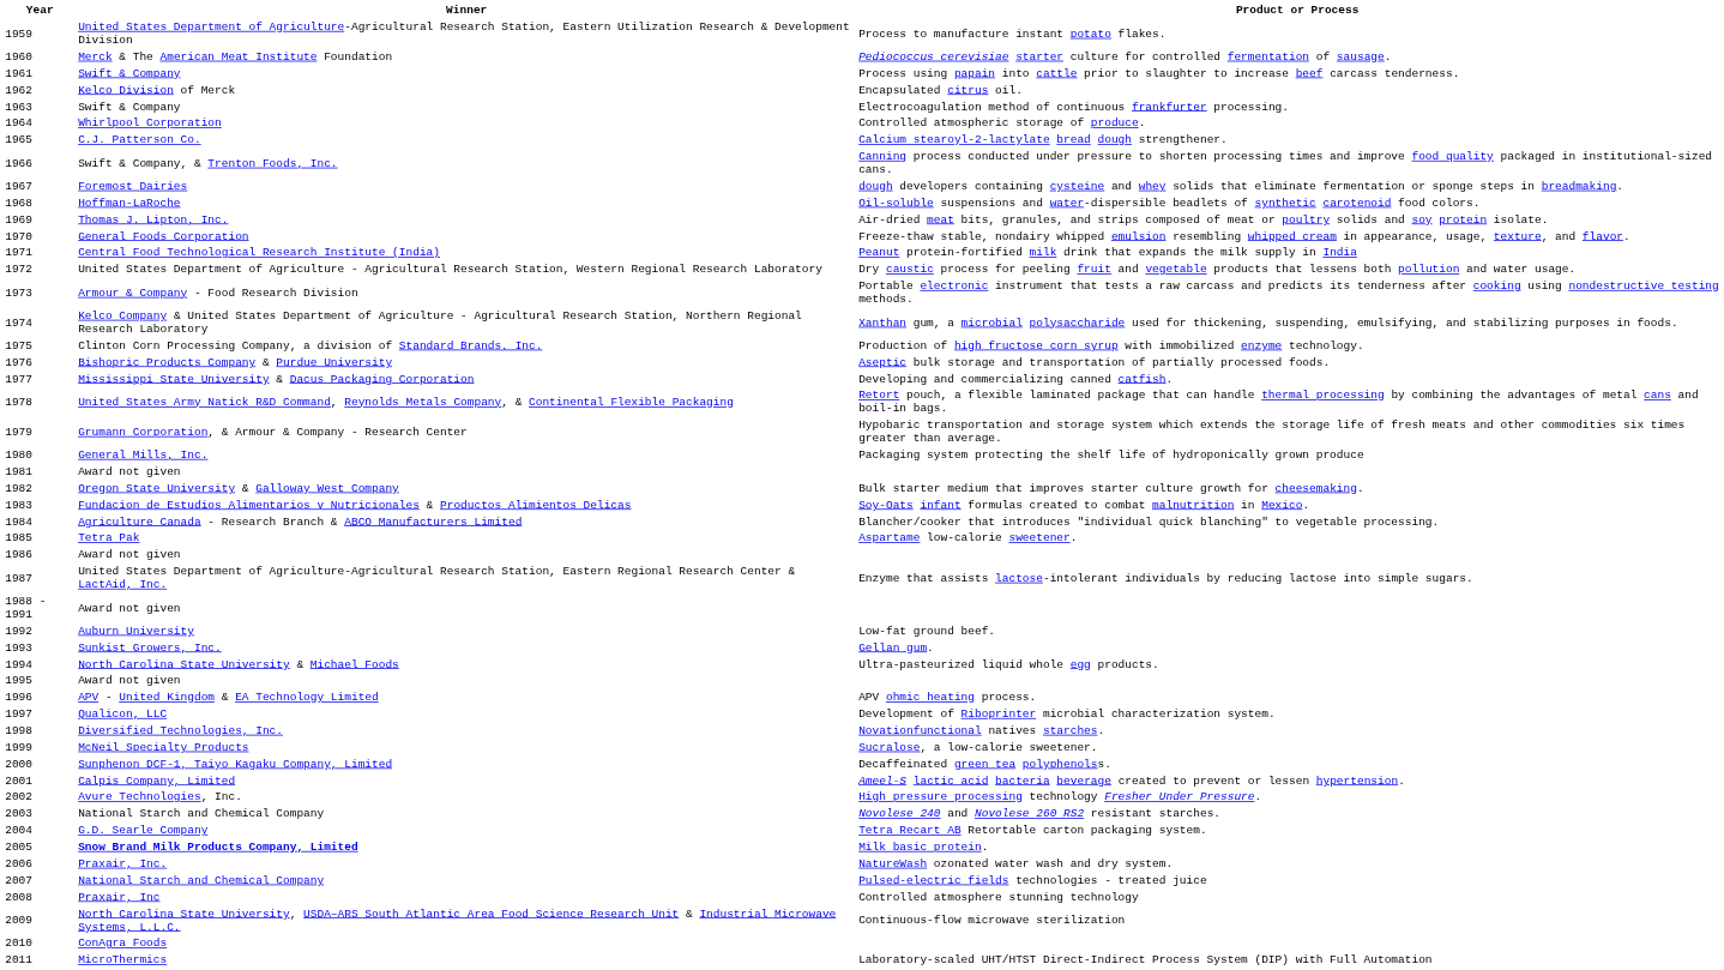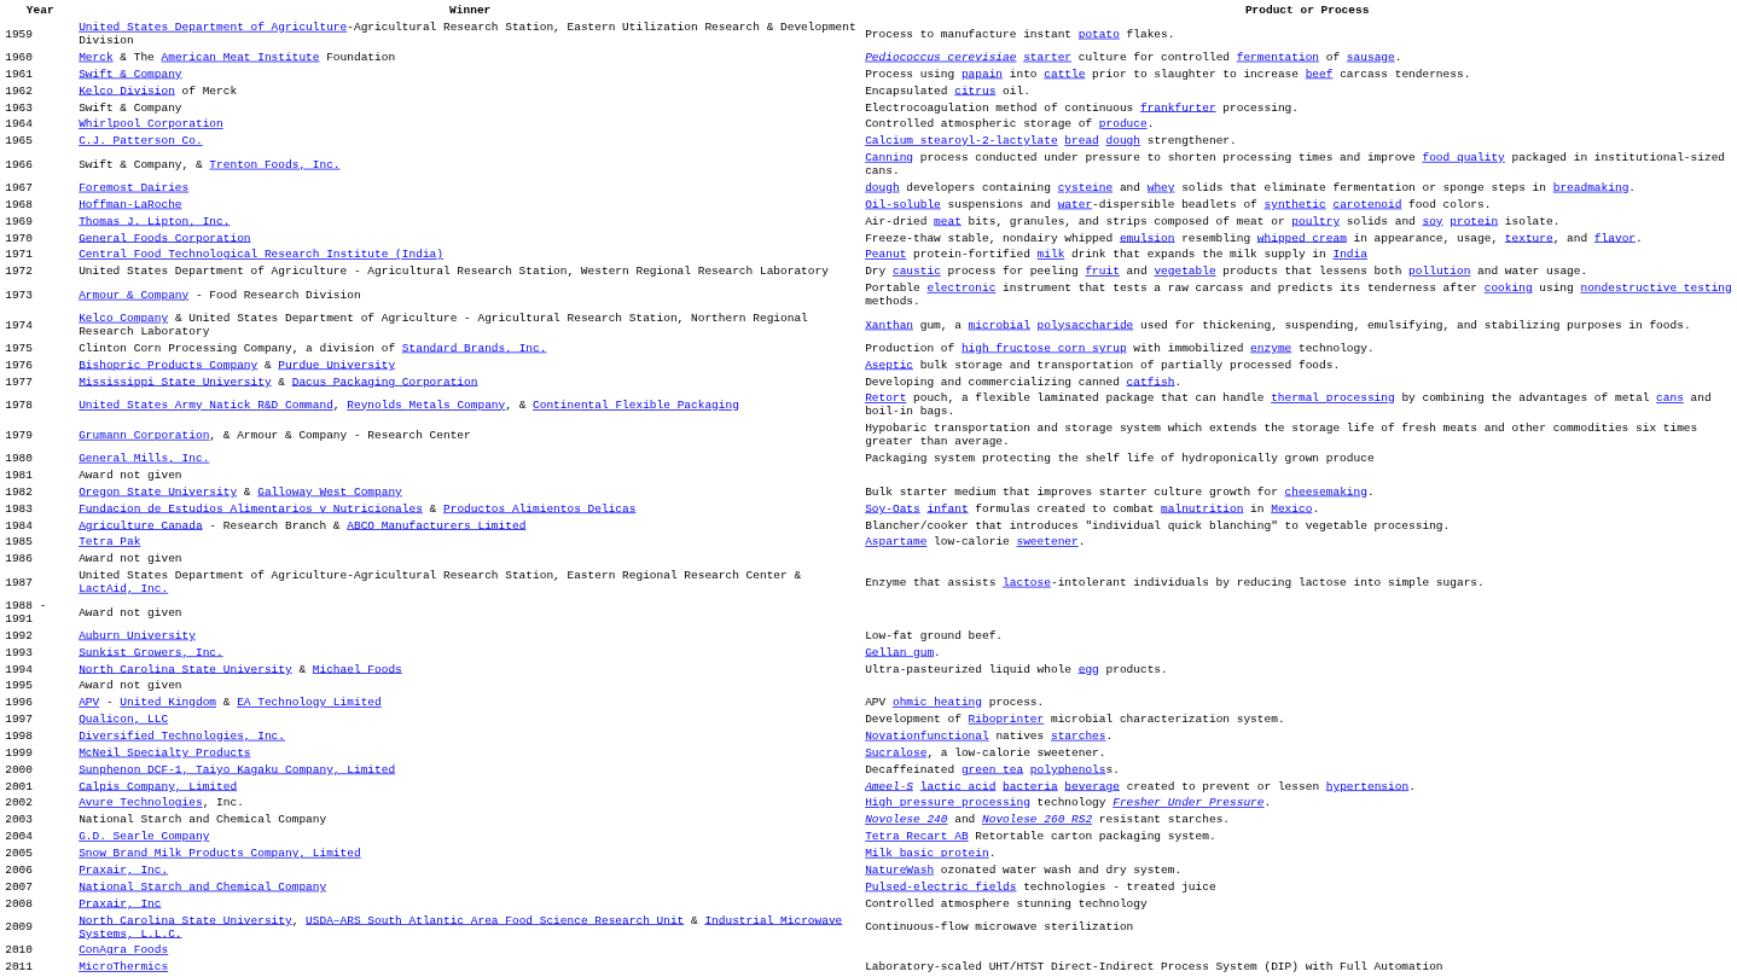 <table>
 <tr>
 <th>Year</th>
 <th>Winner</th>
 <th>Product or Process</th>
 </tr>
 <tr>
 <td>1959</td>
 <td><a href='#'>United States Department of Agriculture</a>-Agricultural Research Station, Eastern Utilization Research & Development Division</td>
 <td>Process to manufacture instant <a href='#'>potato</a> flakes.</td>
 </tr>
 <tr>
 <td>1960</td>
 <td><a href='#'>Merck</a> & The <a href='#'>American Meat Institute</a> Foundation</td>
 <td><em><a href='#'>Pediococcus cerevisiae</a></em> <a href='#'>starter</a> culture for controlled <a href='#'>fermentation</a> of <a href='#'>sausage</a>.</td>
 </tr>
 <tr>
 <td>1961</td>
 <td><a href='#'>Swift & Company</a></td>
 <td>Process using <a href='#'>papain</a> into <a href='#'>cattle</a> prior to slaughter to increase <a href='#'>beef</a> carcass tenderness.</td>
 </tr>
 <tr>
 <td>1962</td>
 <td><a href='#'>Kelco Division</a> of Merck</td>
 <td>Encapsulated <a href='#'>citrus</a> oil.</td>
 </tr>
 <tr>
 <td>1963</td>
 <td>Swift & Company</td>
 <td>Electrocoagulation method of continuous <a href='#'>frankfurter</a> processing.</td>
 </tr>
 <tr>
 <td>1964</td>
 <td><a href='#'>Whirlpool Corporation</a></td>
 <td>Controlled atmospheric storage of <a href='#'>produce</a>.</td>
 </tr>
 <tr>
 <td>1965</td>
 <td><a href='#'>C.J. Patterson Co.</a></td>
 <td><a href='#'>Calcium stearoyl-2-lactylate</a> <a href='#'>bread</a> <a href='#'>dough</a> strengthener.</td>
 </tr>
 <tr>
 <td>1966</td>
 <td>Swift & Company, & <a href='#'>Trenton Foods, Inc.</a></td>
 <td><a href='#'>Canning</a> process conducted under pressure to shorten processing times and improve <a href='#'>food quality</a> packaged in institutional-sized cans.</td>
 </tr>
 <tr>
 <td>1967</td>
 <td><a href='#'>Foremost Dairies</a></td>
 <td><a href='#'>dough</a> developers containing <a href='#'>cysteine</a> and <a href='#'>whey</a> solids that eliminate fermentation or sponge steps in <a href='#'>breadmaking</a>.</td>
 </tr>
 <tr>
 <td>1968</td>
 <td><a href='#'>Hoffman-LaRoche</a></td>
 <td><a href='#'>Oil-soluble</a> suspensions and <a href='#'>water</a>-dispersible beadlets of <a href='#'>synthetic</a> <a href='#'>carotenoid</a> food colors.</td>
 </tr>
 <tr>
 <td>1969</td>
 <td><a href='#'>Thomas J. Lipton, Inc.</a></td>
 <td>Air-dried <a href='#'>meat</a> bits, granules, and strips composed of meat or <a href='#'>poultry</a> solids and <a href='#'>soy</a> <a href='#'>protein</a> isolate.</td>
 </tr>
 <tr>
 <td>1970</td>
 <td><a href='#'>General Foods Corporation</a></td>
 <td>Freeze-thaw stable, nondairy whipped <a href='#'>emulsion</a> resembling <a href='#'>whipped cream</a> in appearance, usage, <a href='#'>texture</a>, and <a href='#'>flavor</a>.</td>
 </tr>
 <tr>
 <td>1971</td>
 <td><a href='#'>Central Food Technological Research Institute (India)</a></td>
 <td><a href='#'>Peanut</a> protein-fortified <a href='#'>milk</a> drink that expands the milk supply in <a href='#'>India</a></td>
 </tr>
 <tr>
 <td>1972</td>
 <td>United States Department of Agriculture - Agricultural Research Station, Western Regional Research Laboratory</td>
 <td>Dry <a href='#'>caustic</a> process for peeling <a href='#'>fruit</a> and <a href='#'>vegetable</a> products that lessens both <a href='#'>pollution</a> and water usage.</td>
 </tr>
 <tr>
 <td>1973</td>
 <td><a href='#'>Armour & Company</a> - Food Research Division</td>
 <td>Portable <a href='#'>electronic</a> instrument that tests a raw carcass and predicts its tenderness after <a href='#'>cooking</a> using <a href='#'>nondestructive testing</a> methods.</td>
 </tr>
 <tr>
 <td>1974</td>
 <td><a href='#'>Kelco Company</a> & United States Department of Agriculture - Agricultural Research Station, Northern Regional Research Laboratory</td>
 <td><a href='#'>Xanthan</a> gum, a <a href='#'>microbial</a> <a href='#'>polysaccharide</a> used for thickening, suspending, emulsifying, and stabilizing purposes in foods.</td>
 </tr>
 <tr>
 <td>1975</td>
 <td>Clinton Corn Processing Company, a division of <a href='#'>Standard Brands, Inc.</a></td>
 <td>Production of <a href='#'>high fructose corn syrup</a> with immobilized <a href='#'>enzyme</a> technology.</td>
 </tr>
 <tr>
 <td>1976</td>
 <td><a href='#'>Bishopric Products Company</a> & <a href='#'>Purdue University</a></td>
 <td><a href='#'>Aseptic</a> bulk storage and transportation of partially processed foods.</td>
 </tr>
 <tr>
 <td>1977</td>
 <td><a href='#'>Mississippi State University</a> & <a href='#'>Dacus Packaging Corporation</a></td>
 <td>Developing and commercializing canned <a href='#'>catfish</a>.</td>
 </tr>
 <tr>
 <td>1978</td>
 <td><a href='#'>United States Army Natick R&D Command</a>, <a href='#'>Reynolds Metals Company</a>, & <a href='#'>Continental Flexible Packaging</a></td>
 <td><a href='#'>Retort</a> pouch, a flexible laminated package that can handle <a href='#'>thermal processing</a> by combining the advantages of metal <a href='#'>cans</a> and boil-in bags.</td>
 </tr>
 <tr>
 <td>1979</td>
 <td><a href='#'>Grumann Corporation</a>, & Armour & Company - Research Center</td>
 <td>Hypobaric transportation and storage system which extends the storage life of fresh meats and other commodities six times greater than average.</td>
 </tr>
 <tr>
 <td>1980</td>
 <td><a href='#'>General Mills, Inc.</a></td>
 <td>Packaging system protecting the shelf life of hydroponically grown produce</td>
 </tr>
 <tr>
 <td>1981</td>
 <td>Award not given</td>
 <td></td>
 </tr>
 <tr>
 <td>1982</td>
 <td><a href='#'>Oregon State University</a> & <a href='#'>Galloway West Company</a></td>
 <td>Bulk starter medium that improves starter culture growth for <a href='#'>cheesemaking</a>.</td>
 </tr>
 <tr>
 <td>1983</td>
 <td><a href='#'>Fundacion de Estudios Alimentarios v Nutricionales</a> & <a href='#'>Productos Alimientos Delicas</a></td>
 <td><a href='#'>Soy-Oats</a> <a href='#'>infant</a> formulas created to combat <a href='#'>malnutrition</a> in <a href='#'>Mexico</a>.</td>
 </tr>
 <tr>
 <td>1984</td>
 <td><a href='#'>Agriculture Canada</a> - Research Branch & <a href='#'>ABCO Manufacturers Limited</a></td>
 <td>Blancher/cooker that introduces "individual quick blanching" to vegetable processing.</td>
 </tr>
 <tr>
 <td>1985</td>
 <td><a href='#'>Tetra Pak</a></td>
 <td><a href='#'>Aspartame</a> low-calorie <a href='#'>sweetener</a>.</td>
 </tr>
 <tr>
 <td>1986</td>
 <td>Award not given</td>
 <td></td>
 </tr>
 <tr>
 <td>1987</td>
 <td>United States Department of Agriculture-Agricultural Research Station, Eastern Regional Research Center & <a href='#'>LactAid, Inc.</a></td>
 <td>Enzyme that assists <a href='#'>lactose</a>-intolerant individuals by reducing lactose into simple sugars.</td>
 </tr>
 <tr>
 <td>1988 - 1991</td>
 <td>Award not given</td>
 <td></td>
 </tr>
 <tr>
 <td>1992</td>
 <td><a href='#'>Auburn University</a></td>
 <td>Low-fat ground beef.</td>
 </tr>
 <tr>
 <td>1993</td>
 <td><a href='#'>Sunkist Growers, Inc.</a></td>
 <td><a href='#'>Gellan gum</a>.</td>
 </tr>
 <tr>
 <td>1994</td>
 <td><a href='#'>North Carolina State University</a> & <a href='#'>Michael Foods</a></td>
 <td>Ultra-pasteurized liquid whole <a href='#'>egg</a> products.</td>
 </tr>
 <tr>
 <td>1995</td>
 <td>Award not given</td>
 <td></td>
 </tr>
 <tr>
 <td>1996</td>
 <td><a href='#'>APV</a> - <a href='#'>United Kingdom</a> & <a href='#'>EA Technology Limited</a></td>
 <td>APV <a href='#'>ohmic heating</a> process.</td>
 </tr>
 <tr>
 <td>1997</td>
 <td><a href='#'>Qualicon, LLC</a></td>
 <td>Development of <a href='#'>Riboprinter</a> microbial characterization system.</td>
 </tr>
 <tr>
 <td>1998</td>
 <td><a href='#'>Diversified Technologies, Inc.</a></td>
 <td><a href='#'>Novationfunctional</a> natives <a href='#'>starches</a>.</td>
 </tr>
 <tr>
 <td>1999</td>
 <td><a href='#'>McNeil Specialty Products</a></td>
 <td><a href='#'>Sucralose</a>, a low-calorie sweetener.</td>
 </tr>
 <tr>
 <td>2000</td>
 <td><a href='#'>Sunphenon DCF-1, Taiyo Kagaku Company, Limited</a></td>
 <td>Decaffeinated <a href='#'>green tea</a> <a href='#'>polyphenols</a>s.</td>
 </tr>
 <tr>
 <td>2001</td>
 <td><a href='#'>Calpis Company, Limited</a></td>
 <td><em><a href='#'>Ameel-S</a></em> <a href='#'>lactic acid</a> <a href='#'>bacteria</a> <a href='#'>beverage</a> created to prevent or lessen <a href='#'>hypertension</a>.</td>
 </tr>
 <tr>
 <td>2002</td>
 <td><a href='#'>Avure Technologies</a>, Inc.</td>
 <td><a href='#'>High pressure processing</a> technology <em><a href='#'>Fresher Under Pressure</a></em>.</td>
 </tr>
 <tr>
 <td>2003</td>
 <td>National Starch and Chemical Company</td>
 <td><em><a href='#'>Novolese 240</a></em> and <em><a href='#'>Novolese 260 RS2</a></em> resistant starches.</td>
 </tr>
 <tr>
 <td>2004</td>
 <td><a href='#'>G.D. Searle Company</a></td>
 <td><a href='#'>Tetra Recart AB</a> Retortable carton packaging system.</td>
 </tr>
 <tr>
 <td>2005</td>
-<td><strong><a href='#'>Snow Brand Milk Products Company, Limited</a></strong></td>
+<td><a href='#'>Snow Brand Milk Products Company, Limited</a></td>
 <td><a href='#'>Milk basic protein</a>.</td>
 </tr>
 <tr>
 <td>2006</td>
 <td><a href='#'>Praxair, Inc.</a></td>
 <td><a href='#'>NatureWash</a> ozonated water wash and dry system.</td>
 </tr>
 <tr>
 <td>2007</td>
 <td><a href='#'>National Starch and Chemical Company</a></td>
 <td><a href='#'>Pulsed-electric fields</a> technologies - treated juice</td>
 </tr>
 <tr>
 <td>2008</td>
 <td><a href='#'>Praxair, Inc</a></td>
 <td>Controlled atmosphere stunning technology</td>
 </tr>
 <tr>
 <td>2009</td>
 <td><a href='#'>North Carolina State University</a>, <a href='#'>USDA–ARS South Atlantic Area Food Science Research Unit</a> & <a href='#'>Industrial Microwave Systems, L.L.C.</a></td>
 <td>Continuous-flow microwave sterilization</td>
 </tr>
 <tr>
 <td>2010</td>
 <td><a href='#'>ConAgra Foods</a></td>
 </tr>
 <tr>
 <td>2011</td>
 <td><a href='#'>MicroThermics</a></td>
 <td>Laboratory-scaled UHT/HTST Direct-Indirect Process System (DIP) with Full Automation</td>
 </tr>
 <tr>
 </tr>
 </table>
